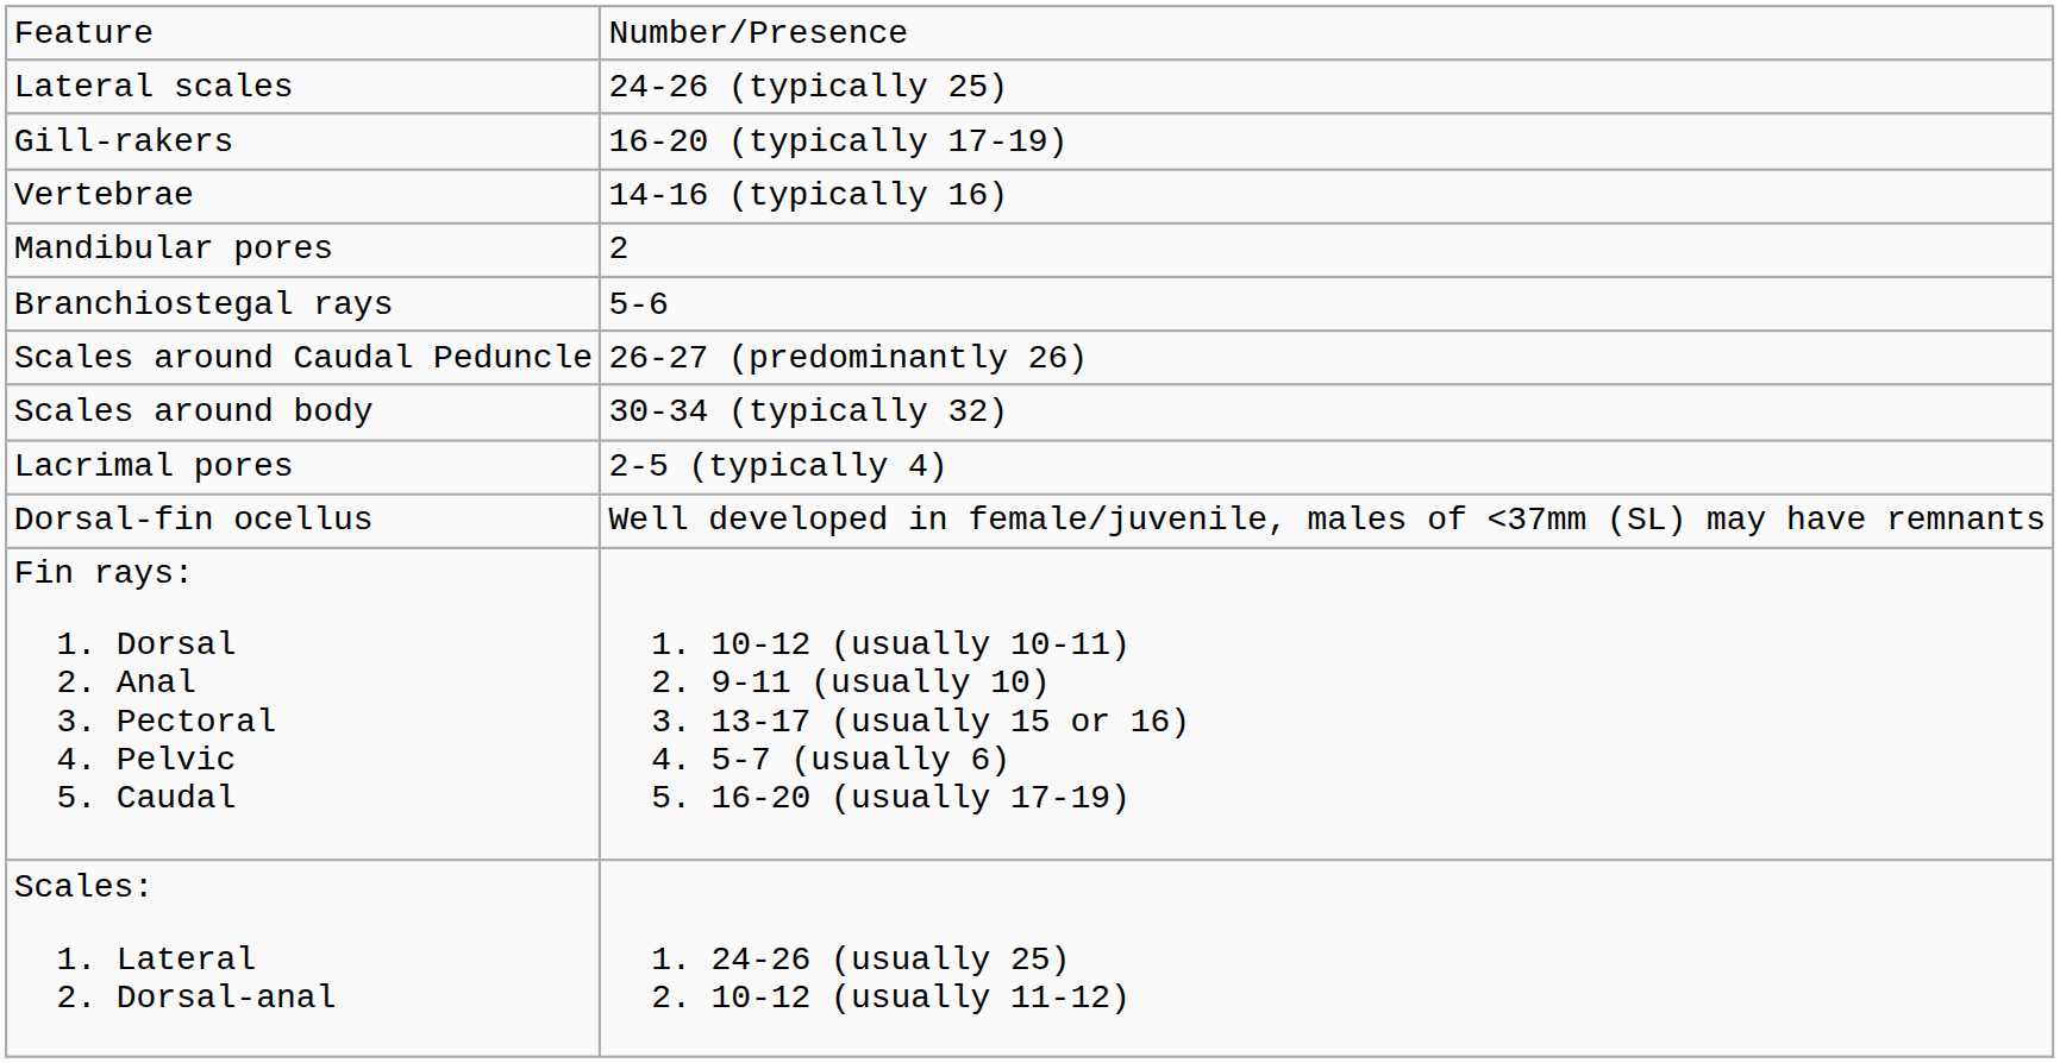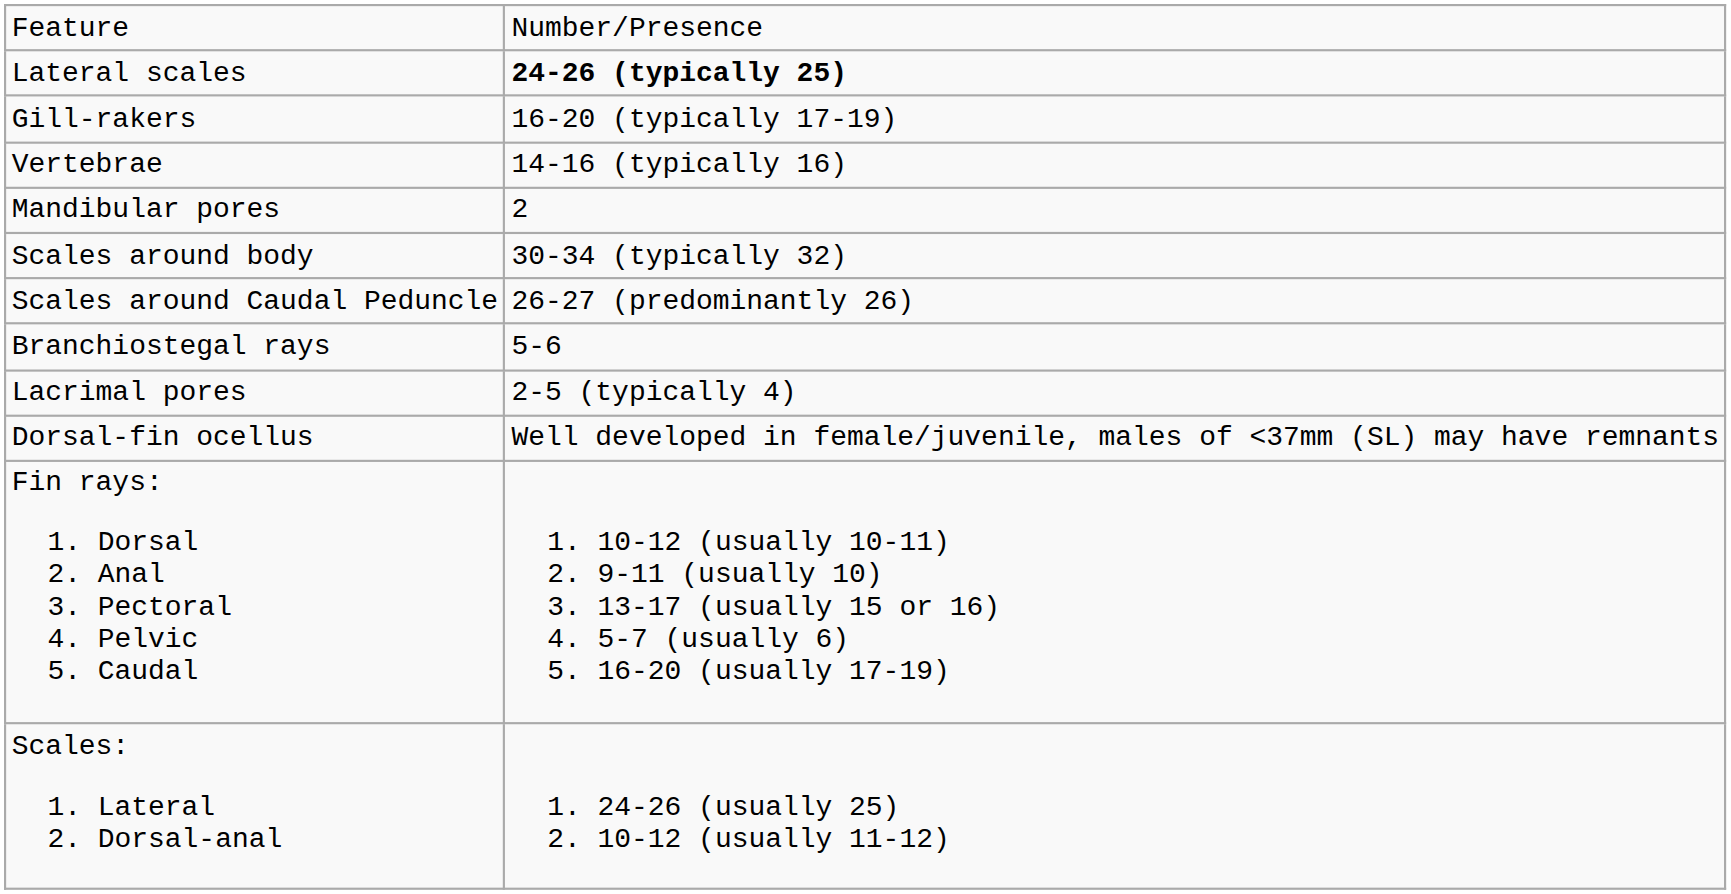 <table class="wikitable">
 <tr>
 <td>Feature</td>
 <td>Number/Presence</td>
 </tr>
 <tr>
 <td>Lateral scales</td>
-<td>24-26 (typically 25)</td>
+<td><strong>24-26 (typically 25)</strong></td>
 </tr>
 <tr>
 <td>Gill-rakers</td>
 <td>16-20 (typically 17-19)</td>
 </tr>
 <tr>
 <td>Vertebrae</td>
 <td>14-16 (typically 16)</td>
 </tr>
 <tr>
 <td>Mandibular pores</td>
 <td>2</td>
 </tr>
 <tr>
-<td>Branchiostegal rays</td>
-<td>5-6</td>
+<td>Scales around body</td>
+<td>30-34 (typically 32)</td>
 </tr>
 <tr>
 <td>Scales around Caudal Peduncle</td>
 <td>26-27 (predominantly 26)</td>
 </tr>
 <tr>
-<td>Scales around body</td>
-<td>30-34 (typically 32)</td>
+<td>Branchiostegal rays</td>
+<td>5-6</td>
 </tr>
 <tr>
 <td>Lacrimal pores</td>
 <td>2-5 (typically 4)</td>
 </tr>
 <tr>
 <td>Dorsal-fin ocellus</td>
 <td>Well developed in female/juvenile, males of <37mm (SL) may have remnants</td>
 </tr>
 <tr>
 <td>Fin rays:<br><ol><li>Dorsal</li><li>Anal</li><li>Pectoral</li><li>Pelvic</li><li>Caudal</li></ol></td>
 <td><br><ol><li>10-12 (usually 10-11)</li><li>9-11 (usually 10)</li><li>13-17 (usually 15 or 16)</li><li>5-7 (usually 6)</li><li>16-20 (usually 17-19)</li></ol></td>
 </tr>
 <tr>
 <td>Scales:<br><ol><li>Lateral</li><li>Dorsal-anal</li></ol></td>
 <td><br><ol><li>24-26 (usually 25)</li><li>10-12 (usually 11-12)</li></ol></td>
 </tr>
 </table>
